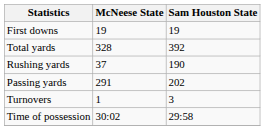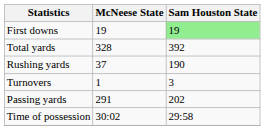 <table class="wikitable">
 <tr>
 <th>Statistics</th>
 <th>McNeese State</th>
 <th>Sam Houston State</th>
 </tr>
 <tr>
 <td>First downs</td>
 <td>19</td>
-<td>19</td>
+<td style="background: lightgreen;">19</td>
 </tr>
 <tr>
 <td>Total yards</td>
 <td>328</td>
 <td>392</td>
 </tr>
 <tr>
 <td>Rushing yards</td>
 <td>37</td>
 <td>190</td>
 </tr>
 <tr>
+<td>Turnovers</td>
+<td>1</td>
+<td>3</td>
+</tr>
+<tr>
 <td>Passing yards</td>
 <td>291</td>
 <td>202</td>
-</tr>
-<tr>
-<td>Turnovers</td>
-<td>1</td>
-<td>3</td>
 </tr>
 <tr>
 <td>Time of possession</td>
 <td>30:02</td>
 <td>29:58</td>
 </tr>
 <tr>
 </tr>
 </table>
